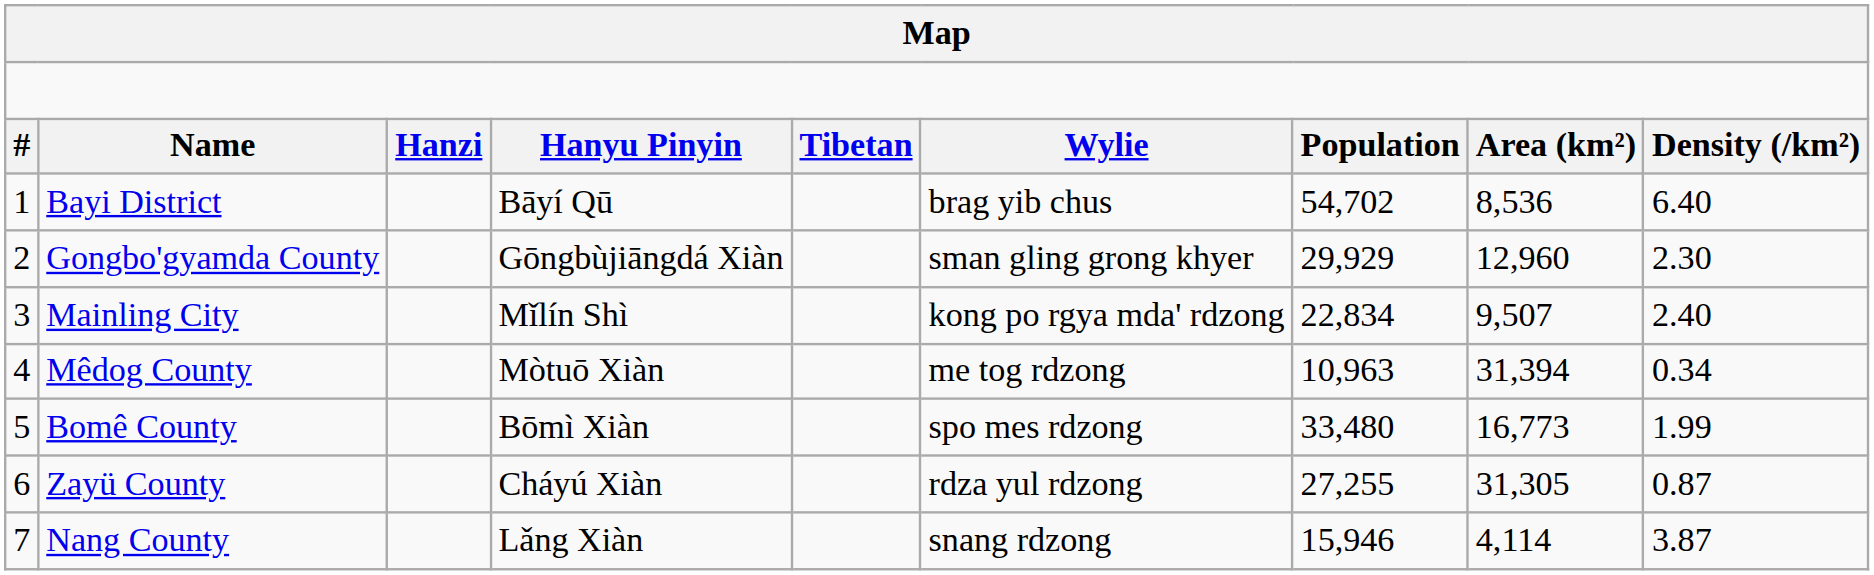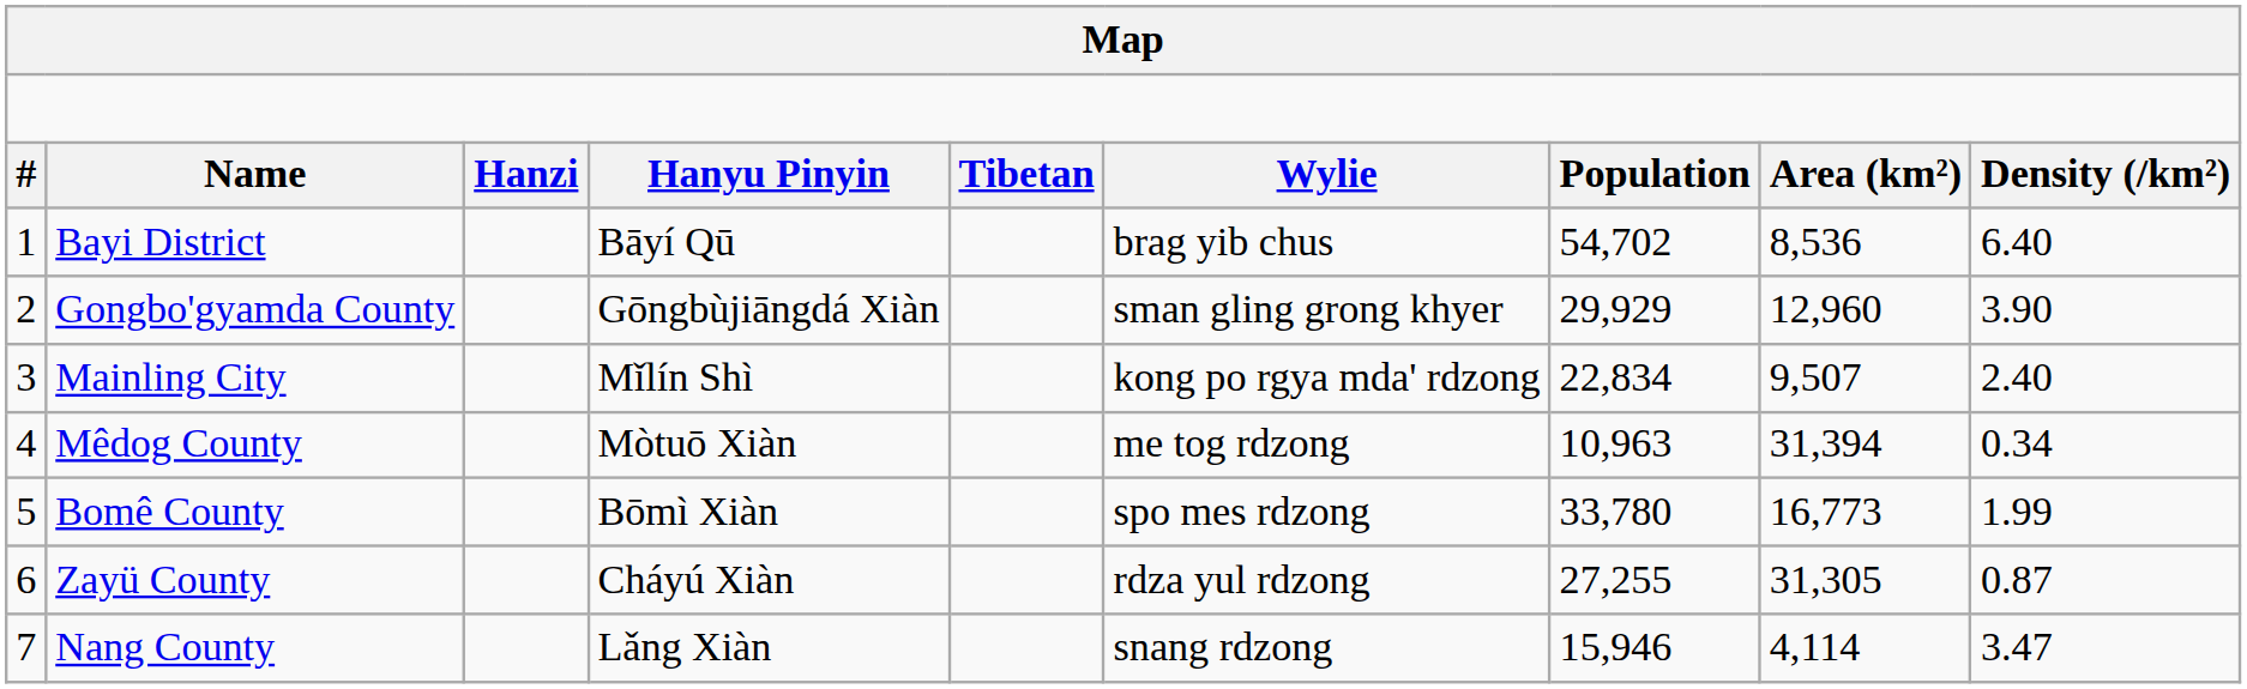 <table class="wikitable"  style="font-size:90%;" align=center>
 <tr>
 <th colspan="9" align="center">Map</th>
 </tr>
 <tr>
 <td colspan="9" align="center"><div><br>          </div></td>
 </tr>
 <tr>
 <th>#</th>
 <th>Name</th>
 <th><a href='#'>Hanzi</a></th>
 <th><a href='#'>Hanyu Pinyin</a></th>
 <th><a href='#'>Tibetan</a></th>
 <th><a href='#'>Wylie</a></th>
 <th>Population </th>
 <th>Area (km²)</th>
 <th>Density (/km²)</th>
 </tr>
 <tr --------->
 <td>1</td>
 <td><a href='#'>Bayi District</a></td>
 <td></td>
 <td>Bāyí Qū</td>
 <td></td>
 <td>brag yib chus</td>
 <td>54,702</td>
 <td>8,536</td>
 <td>6.40</td>
 </tr>
 <tr --------->
 <td>2</td>
 <td><a href='#'>Gongbo'gyamda County</a></td>
 <td></td>
 <td>Gōngbùjiāngdá Xiàn</td>
 <td></td>
 <td>sman gling grong khyer</td>
 <td>29,929</td>
 <td>12,960</td>
-<td>2.30</td>
+<td>3.90</td>
 </tr>
 <tr --------->
 <td>3</td>
 <td><a href='#'>Mainling City</a></td>
 <td></td>
 <td>Mǐlín Shì</td>
 <td></td>
 <td>kong po rgya mda' rdzong</td>
 <td>22,834</td>
 <td>9,507</td>
 <td>2.40</td>
 </tr>
 <tr --------->
 <td>4</td>
 <td><a href='#'>Mêdog County</a></td>
 <td></td>
 <td>Mòtuō Xiàn</td>
 <td></td>
 <td>me tog rdzong</td>
 <td>10,963</td>
 <td>31,394</td>
 <td>0.34</td>
 </tr>
 <tr --------->
 <td>5</td>
 <td><a href='#'>Bomê County</a></td>
 <td></td>
 <td>Bōmì Xiàn</td>
 <td></td>
 <td>spo mes rdzong</td>
-<td>33,480</td>
+<td>33,780</td>
 <td>16,773</td>
 <td>1.99</td>
 </tr>
 <tr --------->
 <td>6</td>
 <td><a href='#'>Zayü County</a></td>
 <td></td>
 <td>Cháyú Xiàn</td>
 <td></td>
 <td>rdza yul rdzong</td>
 <td>27,255</td>
 <td>31,305</td>
 <td>0.87</td>
 </tr>
 <tr --------->
 <td>7</td>
 <td><a href='#'>Nang County</a></td>
 <td></td>
 <td>Lǎng Xiàn</td>
 <td></td>
 <td>snang rdzong</td>
 <td>15,946</td>
 <td>4,114</td>
-<td>3.87</td>
+<td>3.47</td>
 </tr>
 </table>
